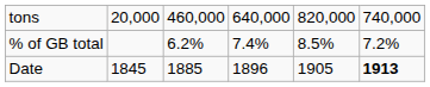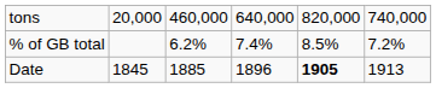 <table class="wikitable" border="1">
 <tr>
 <td>tons</td>
 <td>20,000</td>
 <td>460,000</td>
 <td>640,000</td>
 <td>820,000</td>
 <td>740,000</td>
 </tr>
 <tr>
 <td>% of GB total</td>
 <td></td>
 <td>6.2%</td>
 <td>7.4%</td>
 <td>8.5%</td>
 <td>7.2%</td>
 </tr>
 <tr>
 <td>Date</td>
 <td>1845</td>
 <td>1885</td>
 <td>1896</td>
-<td>1905</td>
-<td><strong>1913</strong></td>
+<td><strong>1905</strong></td>
+<td>1913</td>
 </tr>
 </table>
